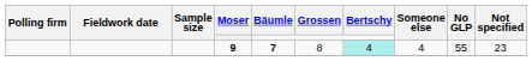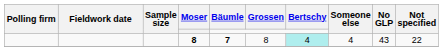 <table class="wikitable" style="text-align:center;font-size:90%;line-height:14px;">
 <tr style="height:40px;">
 <th style="width:80px;" rowspan="2">Polling firm</th>
 <th style="width:130px;" rowspan="2">Fieldwork date</th>
 <th style="width:35px;" rowspan="2">Sample<br>size</th>
 <th><a href='#'>Moser</a></th>
 <th><a href='#'>Bäumle</a></th>
 <th><a href='#'>Grossen</a></th>
 <th><a href='#'>Bertschy</a></th>
 <th rowspan=2>Someone<br>else</th>
 <th rowspan=2>No<br>GLP</th>
 <th rowspan=2>Not<br>specified</th>
 </tr>
 <tr>
 <th style="background:"></th>
 </tr>
 <tr>
 <td></td>
 <td></td>
 <td></td>
-<td style="background:#"><strong>9</strong></td>
+<td style="background:#"><strong>8</strong></td>
 <td style="background:#"><strong>7</strong></td>
 <td>8</td>
 <td style="background: paleturquoise;">4</td>
 <td>4</td>
-<td>55</td>
-<td>23</td>
+<td>43</td>
+<td>22</td>
 </tr>
 <tr>
 </tr>
 </table>
